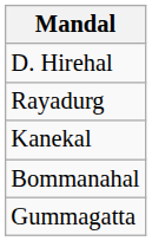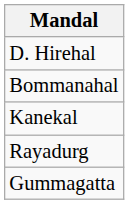 <table class="wikitable sortable static-row-numbers static-row-header-hash">
 <tr>
 <th>Mandal</th>
 </tr>
 <tr>
 <td>D. Hirehal</td>
 </tr>
 <tr>
-<td>Rayadurg</td>
+<td>Bommanahal</td>
 </tr>
 <tr>
 <td>Kanekal</td>
 </tr>
 <tr>
-<td>Bommanahal</td>
+<td>Rayadurg</td>
 </tr>
 <tr>
 <td>Gummagatta</td>
 </tr>
 </table>
